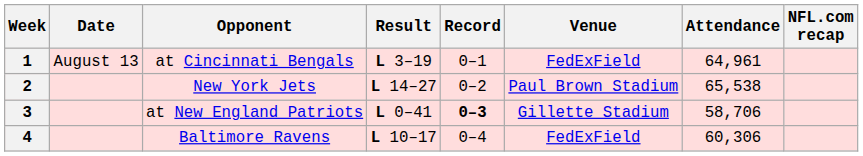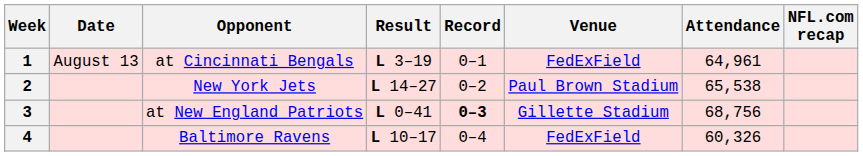 <table class="wikitable" style="text-align:center">
 <tr>
 <th>Week</th>
 <th>Date</th>
 <th>Opponent</th>
 <th>Result</th>
 <th>Record</th>
 <th>Venue</th>
 <th>Attendance</th>
 <th>NFL.com<br>recap</th>
 </tr>
 <tr style="background: #ffdddd">
 <th>1</th>
 <td>August 13</td>
 <td>at <a href='#'>Cincinnati Bengals</a></td>
 <td><strong>L</strong> 3–19</td>
 <td>0–1</td>
 <td><a href='#'>FedExField</a></td>
 <td>64,961</td>
 <td></td>
 </tr>
 <tr style="background: #ffdddd">
 <th>2</th>
 <td></td>
 <td><a href='#'>New York Jets</a></td>
 <td><strong>L</strong> 14–27</td>
 <td>0–2</td>
 <td><a href='#'>Paul Brown Stadium</a></td>
 <td>65,538</td>
 <td></td>
 </tr>
 <tr style="background: #ffdddd">
 <th>3</th>
 <td></td>
 <td>at <a href='#'>New England Patriots</a></td>
 <td><strong>L</strong> 0–41</td>
 <td><strong>0–3</strong></td>
 <td><a href='#'>Gillette Stadium</a></td>
-<td>58,706</td>
+<td>68,756</td>
 <td></td>
 </tr>
 <tr style="background: #ffdddd">
 <th>4</th>
 <td></td>
 <td><a href='#'>Baltimore Ravens</a></td>
 <td><strong>L</strong> 10–17</td>
 <td>0–4</td>
 <td><a href='#'>FedExField</a></td>
-<td>60,306</td>
+<td>60,326</td>
 <td></td>
 </tr>
 </table>
